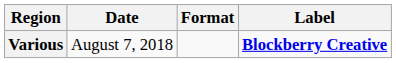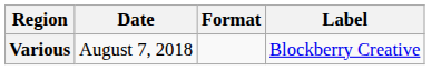 <table class="wikitable plainrowheaders">
 <tr>
 <th>Region</th>
 <th>Date</th>
 <th>Format</th>
 <th>Label</th>
 </tr>
 <tr>
 <th scope="row">Various</th>
 <td rowspan=2>August 7, 2018</td>
 <td rowspan=2></td>
-<td rowspan="1"><strong><a href='#'>Blockberry Creative</a></strong></td>
+<td rowspan="1"><a href='#'>Blockberry Creative</a></td>
 </tr>
 </table>
